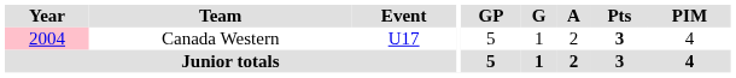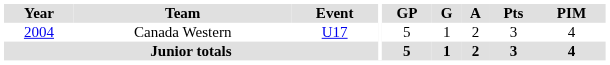 <table border="0" cellpadding="1" cellspacing="0" ID="Table3" style="text-align:center; width:40em">
 <tr ALIGN="center" bgcolor="#e0e0e0">
 <th>Year</th>
 <th>Team</th>
 <th>Event</th>
 <th rowspan="99" bgcolor="#ffffff"></th>
 <th>GP</th>
 <th>G</th>
 <th>A</th>
 <th>Pts</th>
 <th>PIM</th>
 </tr>
 <tr>
-<td style="background: pink;"><a href='#'>2004</a></td>
+<td><a href='#'>2004</a></td>
 <td>Canada Western</td>
 <td><a href='#'>U17</a></td>
 <td>5</td>
 <td>1</td>
 <td>2</td>
-<td><strong>3</strong></td>
+<td>3</td>
 <td>4</td>
 </tr>
 <tr bgcolor="#e0e0e0">
 <th colspan="3">Junior totals</th>
 <th>5</th>
 <th>1</th>
 <th>2</th>
 <th>3</th>
 <th>4</th>
 </tr>
 </table>
